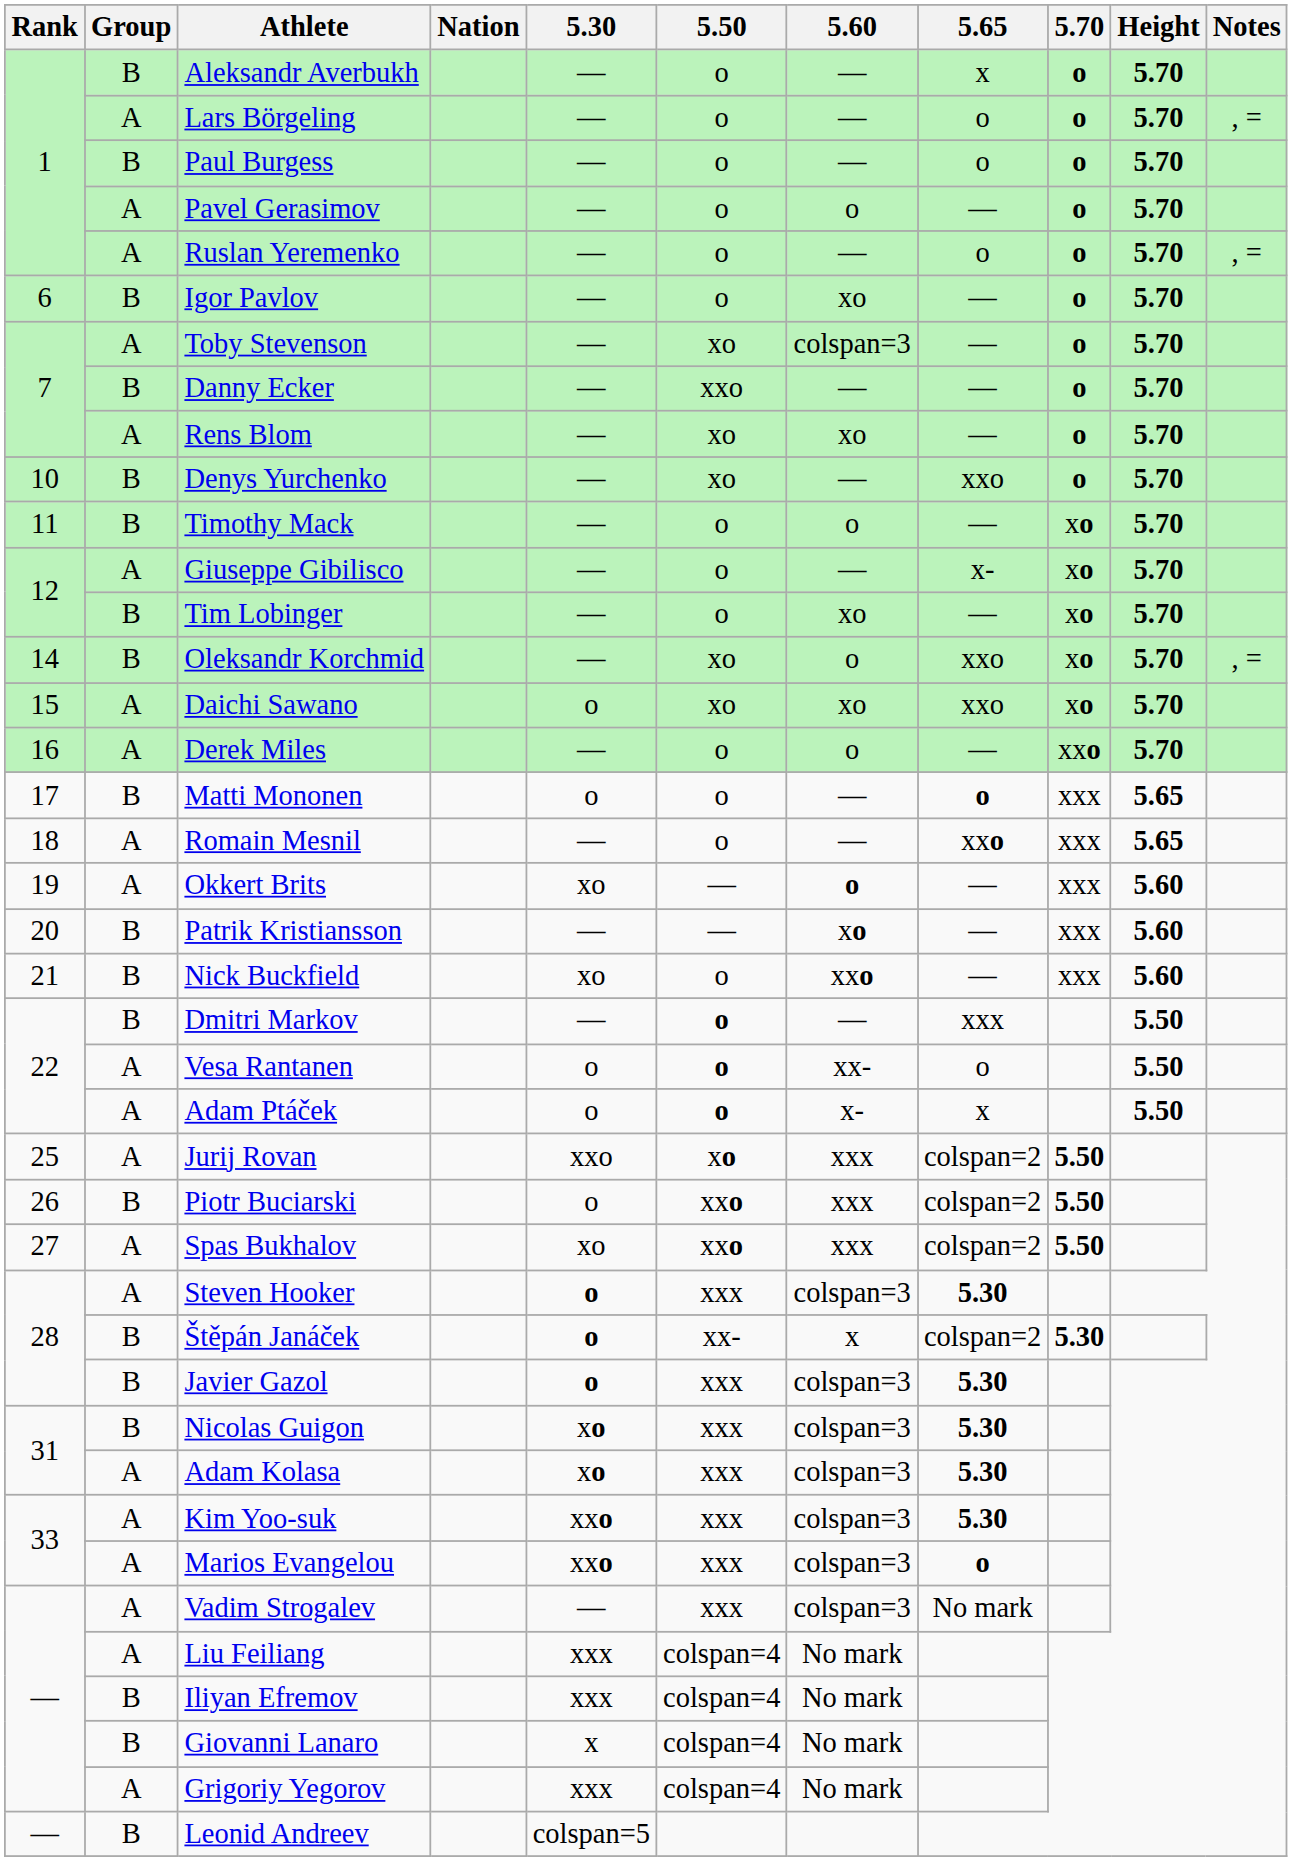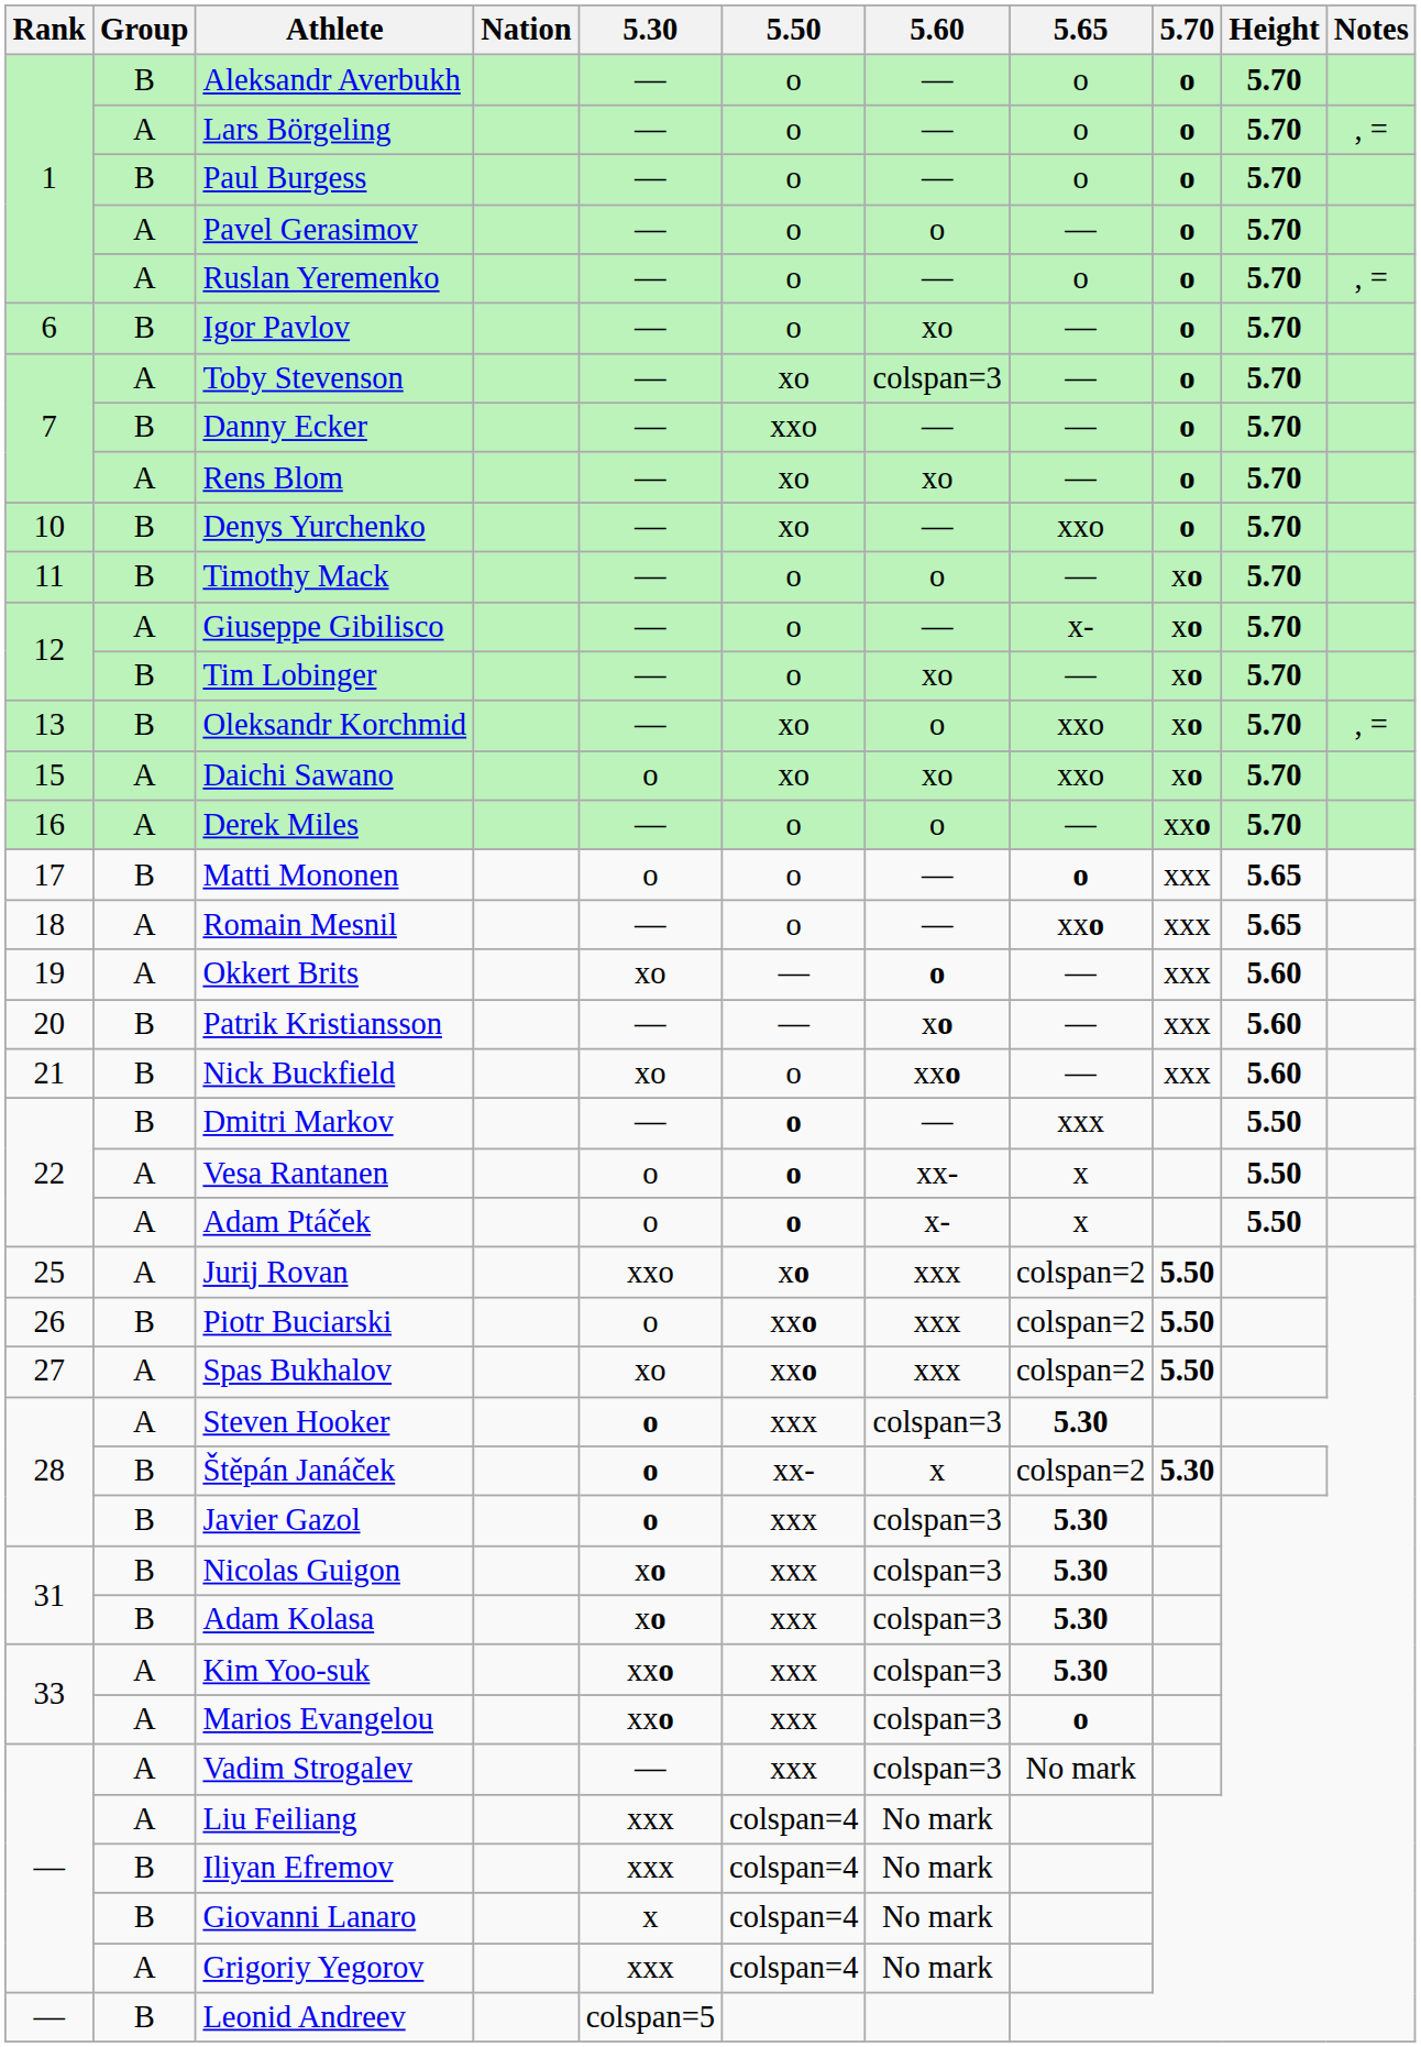 <table class="wikitable sortable" style="text-align:center">
 <tr>
 <th>Rank</th>
 <th>Group</th>
 <th>Athlete</th>
 <th>Nation</th>
 <th>5.30</th>
 <th>5.50</th>
 <th>5.60</th>
 <th>5.65</th>
 <th>5.70</th>
 <th>Height</th>
 <th>Notes</th>
 </tr>
 <tr bgcolor=bbf3bb>
 <td rowspan=5>1</td>
 <td>B</td>
 <td align="left"><a href='#'>Aleksandr Averbukh</a></td>
 <td align="left"></td>
 <td>—</td>
 <td>o</td>
 <td>—</td>
-<td>x</td>
+<td>o</td>
 <td><strong>o</strong></td>
 <td><strong>5.70</strong></td>
 <td></td>
 </tr>
 <tr bgcolor=bbf3bb>
 <td>A</td>
 <td align="left"><a href='#'>Lars Börgeling</a></td>
 <td align="left"></td>
 <td>—</td>
 <td>o</td>
 <td>—</td>
 <td>o</td>
 <td><strong>o</strong></td>
 <td><strong>5.70</strong></td>
 <td>, =</td>
 </tr>
 <tr bgcolor=bbf3bb>
 <td>B</td>
 <td align="left"><a href='#'>Paul Burgess</a></td>
 <td align="left"></td>
 <td>—</td>
 <td>o</td>
 <td>—</td>
 <td>o</td>
 <td><strong>o</strong></td>
 <td><strong>5.70</strong></td>
 <td></td>
 </tr>
 <tr bgcolor=bbf3bb>
 <td>A</td>
 <td align="left"><a href='#'>Pavel Gerasimov</a></td>
 <td align="left"></td>
 <td>—</td>
 <td>o</td>
 <td>o</td>
 <td>—</td>
 <td><strong>o</strong></td>
 <td><strong>5.70</strong></td>
 <td></td>
 </tr>
 <tr bgcolor=bbf3bb>
 <td>A</td>
 <td align="left"><a href='#'>Ruslan Yeremenko</a></td>
 <td align="left"></td>
 <td>—</td>
 <td>o</td>
 <td>—</td>
 <td>o</td>
 <td><strong>o</strong></td>
 <td><strong>5.70</strong></td>
 <td>, =</td>
 </tr>
 <tr bgcolor=bbf3bb>
 <td>6</td>
 <td>B</td>
 <td align="left"><a href='#'>Igor Pavlov</a></td>
 <td align="left"></td>
 <td>—</td>
 <td>o</td>
 <td>xo</td>
 <td>—</td>
 <td><strong>o</strong></td>
 <td><strong>5.70</strong></td>
 <td></td>
 </tr>
 <tr bgcolor=bbf3bb>
 <td rowspan=3>7</td>
 <td>A</td>
 <td align="left"><a href='#'>Toby Stevenson</a></td>
 <td align="left"></td>
 <td>—</td>
 <td>xo</td>
 <td>colspan=3 </td>
 <td>—</td>
 <td><strong>o</strong></td>
 <td><strong>5.70</strong></td>
 <td></td>
 </tr>
 <tr bgcolor=bbf3bb>
 <td>B</td>
 <td align="left"><a href='#'>Danny Ecker</a></td>
 <td align="left"></td>
 <td>—</td>
 <td>xxo</td>
 <td>—</td>
 <td>—</td>
 <td><strong>o</strong></td>
 <td><strong>5.70</strong></td>
 <td></td>
 </tr>
 <tr bgcolor=bbf3bb>
 <td>A</td>
 <td align="left"><a href='#'>Rens Blom</a></td>
 <td align="left"></td>
 <td>—</td>
 <td>xo</td>
 <td>xo</td>
 <td>—</td>
 <td><strong>o</strong></td>
 <td><strong>5.70</strong></td>
 <td></td>
 </tr>
 <tr bgcolor=bbf3bb>
 <td>10</td>
 <td>B</td>
 <td align="left"><a href='#'>Denys Yurchenko</a></td>
 <td align="left"></td>
 <td>—</td>
 <td>xo</td>
 <td>—</td>
 <td>xxo</td>
 <td><strong>o</strong></td>
 <td><strong>5.70</strong></td>
 <td></td>
 </tr>
 <tr bgcolor=bbf3bb>
 <td>11</td>
 <td>B</td>
 <td align="left"><a href='#'>Timothy Mack</a></td>
 <td align="left"></td>
 <td>—</td>
 <td>o</td>
 <td>o</td>
 <td>—</td>
 <td>x<strong>o</strong></td>
 <td><strong>5.70</strong></td>
 <td></td>
 </tr>
 <tr bgcolor=bbf3bb>
 <td rowspan=2>12</td>
 <td>A</td>
 <td align="left"><a href='#'>Giuseppe Gibilisco</a></td>
 <td align="left"></td>
 <td>—</td>
 <td>o</td>
 <td>—</td>
 <td>x-</td>
 <td>x<strong>o</strong></td>
 <td><strong>5.70</strong></td>
 <td></td>
 </tr>
 <tr bgcolor=bbf3bb>
 <td>B</td>
 <td align="left"><a href='#'>Tim Lobinger</a></td>
 <td align="left"></td>
 <td>—</td>
 <td>o</td>
 <td>xo</td>
 <td>—</td>
 <td>x<strong>o</strong></td>
 <td><strong>5.70</strong></td>
 <td></td>
 </tr>
 <tr bgcolor=bbf3bb>
-<td>14</td>
+<td>13</td>
 <td>B</td>
 <td align="left"><a href='#'>Oleksandr Korchmid</a></td>
 <td align="left"></td>
 <td>—</td>
 <td>xo</td>
 <td>o</td>
 <td>xxo</td>
 <td>x<strong>o</strong></td>
 <td><strong>5.70</strong></td>
 <td>, =</td>
 </tr>
 <tr bgcolor=bbf3bb>
 <td>15</td>
 <td>A</td>
 <td align="left"><a href='#'>Daichi Sawano</a></td>
 <td align="left"></td>
 <td>o</td>
 <td>xo</td>
 <td>xo</td>
 <td>xxo</td>
 <td>x<strong>o</strong></td>
 <td><strong>5.70</strong></td>
 <td></td>
 </tr>
 <tr bgcolor=bbf3bb>
 <td>16</td>
 <td>A</td>
 <td align="left"><a href='#'>Derek Miles</a></td>
 <td align="left"></td>
 <td>—</td>
 <td>o</td>
 <td>o</td>
 <td>—</td>
 <td>xx<strong>o</strong></td>
 <td><strong>5.70</strong></td>
 <td></td>
 </tr>
 <tr>
 <td>17</td>
 <td>B</td>
 <td align="left"><a href='#'>Matti Mononen</a></td>
 <td align="left"></td>
 <td>o</td>
 <td>o</td>
 <td>—</td>
 <td><strong>o</strong></td>
 <td>xxx</td>
 <td><strong>5.65</strong></td>
 <td></td>
 </tr>
 <tr>
 <td>18</td>
 <td>A</td>
 <td align="left"><a href='#'>Romain Mesnil</a></td>
 <td align="left"></td>
 <td>—</td>
 <td>o</td>
 <td>—</td>
 <td>xx<strong>o</strong></td>
 <td>xxx</td>
 <td><strong>5.65</strong></td>
 <td></td>
 </tr>
 <tr>
 <td>19</td>
 <td>A</td>
 <td align="left"><a href='#'>Okkert Brits</a></td>
 <td align="left"></td>
 <td>xo</td>
 <td>—</td>
 <td><strong>o</strong></td>
 <td>—</td>
 <td>xxx</td>
 <td><strong>5.60</strong></td>
 <td></td>
 </tr>
 <tr>
 <td>20</td>
 <td>B</td>
 <td align="left"><a href='#'>Patrik Kristiansson</a></td>
 <td align="left"></td>
 <td>—</td>
 <td>—</td>
 <td>x<strong>o</strong></td>
 <td>—</td>
 <td>xxx</td>
 <td><strong>5.60</strong></td>
 <td></td>
 </tr>
 <tr>
 <td>21</td>
 <td>B</td>
 <td align="left"><a href='#'>Nick Buckfield</a></td>
 <td align="left"></td>
 <td>xo</td>
 <td>o</td>
 <td>xx<strong>o</strong></td>
 <td>—</td>
 <td>xxx</td>
 <td><strong>5.60</strong></td>
 <td></td>
 </tr>
 <tr>
 <td rowspan=3>22</td>
 <td>B</td>
 <td align="left"><a href='#'>Dmitri Markov</a></td>
 <td align="left"></td>
 <td>—</td>
 <td><strong>o</strong></td>
 <td>—</td>
 <td>xxx</td>
 <td></td>
 <td><strong>5.50</strong></td>
 <td></td>
 </tr>
 <tr>
 <td>A</td>
 <td align="left"><a href='#'>Vesa Rantanen</a></td>
 <td align="left"></td>
 <td>o</td>
 <td><strong>o</strong></td>
 <td>xx-</td>
-<td>o</td>
+<td>x</td>
 <td></td>
 <td><strong>5.50</strong></td>
 <td></td>
 </tr>
 <tr>
 <td>A</td>
 <td align="left"><a href='#'>Adam Ptáček</a></td>
 <td align="left"></td>
 <td>o</td>
 <td><strong>o</strong></td>
 <td>x-</td>
 <td>x</td>
 <td></td>
 <td><strong>5.50</strong></td>
 <td></td>
 </tr>
 <tr>
 <td>25</td>
 <td>A</td>
 <td align="left"><a href='#'>Jurij Rovan</a></td>
 <td align="left"></td>
 <td>xxo</td>
 <td>x<strong>o</strong></td>
 <td>xxx</td>
 <td>colspan=2 </td>
 <td><strong>5.50</strong></td>
 <td></td>
 </tr>
 <tr>
 <td>26</td>
 <td>B</td>
 <td align="left"><a href='#'>Piotr Buciarski</a></td>
 <td align="left"></td>
 <td>o</td>
 <td>xx<strong>o</strong></td>
 <td>xxx</td>
 <td>colspan=2 </td>
 <td><strong>5.50</strong></td>
 <td></td>
 </tr>
 <tr>
 <td>27</td>
 <td>A</td>
 <td align="left"><a href='#'>Spas Bukhalov</a></td>
 <td align="left"></td>
 <td>xo</td>
 <td>xx<strong>o</strong></td>
 <td>xxx</td>
 <td>colspan=2 </td>
 <td><strong>5.50</strong></td>
 <td></td>
 </tr>
 <tr>
 <td rowspan=3>28</td>
 <td>A</td>
 <td align="left"><a href='#'>Steven Hooker</a></td>
 <td align="left"></td>
 <td><strong>o</strong></td>
 <td>xxx</td>
 <td>colspan=3 </td>
 <td><strong>5.30</strong></td>
 <td></td>
 </tr>
 <tr>
 <td>B</td>
 <td align="left"><a href='#'>Štěpán Janáček</a></td>
 <td align="left"></td>
 <td><strong>o</strong></td>
 <td>xx-</td>
 <td>x</td>
 <td>colspan=2 </td>
 <td><strong>5.30</strong></td>
 <td></td>
 </tr>
 <tr>
 <td>B</td>
 <td align="left"><a href='#'>Javier Gazol</a></td>
 <td align="left"></td>
 <td><strong>o</strong></td>
 <td>xxx</td>
 <td>colspan=3 </td>
 <td><strong>5.30</strong></td>
 <td></td>
 </tr>
 <tr>
 <td rowspan=2>31</td>
 <td>B</td>
 <td align="left"><a href='#'>Nicolas Guigon</a></td>
 <td align="left"></td>
 <td>x<strong>o</strong></td>
 <td>xxx</td>
 <td>colspan=3 </td>
 <td><strong>5.30</strong></td>
 <td></td>
 </tr>
 <tr>
-<td>A</td>
+<td>B</td>
 <td align="left"><a href='#'>Adam Kolasa</a></td>
 <td align="left"></td>
 <td>x<strong>o</strong></td>
 <td>xxx</td>
 <td>colspan=3 </td>
 <td><strong>5.30</strong></td>
 <td></td>
 </tr>
 <tr>
 <td rowspan=2>33</td>
 <td>A</td>
 <td align="left"><a href='#'>Kim Yoo-suk</a></td>
 <td align="left"></td>
 <td>xx<strong>o</strong></td>
 <td>xxx</td>
 <td>colspan=3 </td>
 <td><strong>5.30</strong></td>
 <td></td>
 </tr>
 <tr>
 <td>A</td>
 <td align="left"><a href='#'>Marios Evangelou</a></td>
 <td align="left"></td>
 <td>xx<strong>o</strong></td>
 <td>xxx</td>
 <td>colspan=3 </td>
 <td><strong>o</strong></td>
 <td></td>
 </tr>
 <tr>
 <td rowspan=5 data-sort-value=35>—</td>
 <td>A</td>
 <td align="left"><a href='#'>Vadim Strogalev</a></td>
 <td align="left"></td>
 <td>—</td>
 <td>xxx</td>
 <td>colspan=3 </td>
 <td data-sort-value=1.00>No mark</td>
 <td></td>
 </tr>
 <tr>
 <td>A</td>
 <td align="left"><a href='#'>Liu Feiliang</a></td>
 <td align="left"></td>
 <td>xxx</td>
 <td>colspan=4 </td>
 <td data-sort-value=1.00>No mark</td>
 <td></td>
 </tr>
 <tr>
 <td>B</td>
 <td align="left"><a href='#'>Iliyan Efremov</a></td>
 <td align="left"></td>
 <td>xxx</td>
 <td>colspan=4 </td>
 <td data-sort-value=1.00>No mark</td>
 <td></td>
 </tr>
 <tr>
 <td>B</td>
 <td align="left"><a href='#'>Giovanni Lanaro</a></td>
 <td align="left"></td>
 <td>x</td>
 <td>colspan=4 </td>
 <td data-sort-value=1.00>No mark</td>
 <td></td>
 </tr>
 <tr>
 <td>A</td>
 <td align="left"><a href='#'>Grigoriy Yegorov</a></td>
 <td align="left"></td>
 <td>xxx</td>
 <td>colspan=4 </td>
 <td data-sort-value=1.00>No mark</td>
 <td></td>
 </tr>
 <tr>
 <td data-sort-value=40>—</td>
 <td>B</td>
 <td align="left"><a href='#'>Leonid Andreev</a></td>
 <td align="left"></td>
 <td>colspan=5 </td>
 <td data-sort-value=0.00></td>
 <td></td>
 </tr>
 </table>
